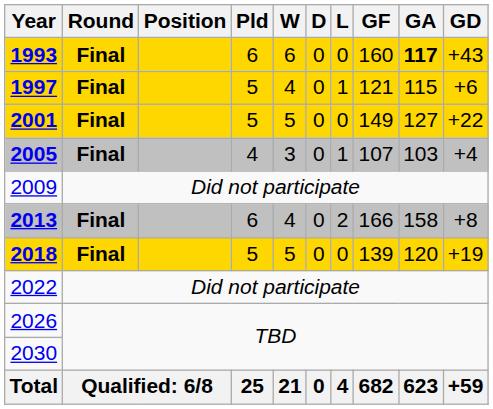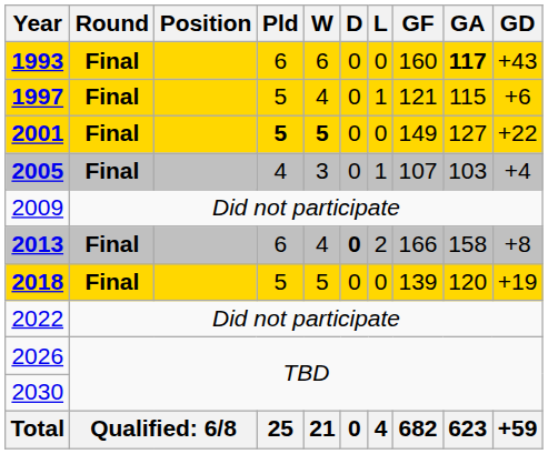 <table class="wikitable" style="text-align: center;">
 <tr>
 <th>Year</th>
 <th>Round</th>
 <th>Position</th>
 <th>Pld</th>
 <th>W</th>
 <th>D</th>
 <th>L</th>
 <th>GF</th>
 <th>GA</th>
 <th>GD</th>
 </tr>
 <tr style="background:gold;">
 <td> <strong><a href='#'>1993</a></strong></td>
 <td><strong>Final</strong></td>
 <td></td>
 <td>6</td>
 <td>6</td>
 <td>0</td>
 <td>0</td>
 <td>160</td>
 <td><strong>117</strong></td>
 <td>+43</td>
 </tr>
 <tr style="background:gold;">
 <td> <strong><a href='#'>1997</a></strong></td>
 <td><strong>Final</strong></td>
 <td></td>
 <td>5</td>
 <td>4</td>
 <td>0</td>
 <td>1</td>
 <td>121</td>
 <td>115</td>
 <td>+6</td>
 </tr>
 <tr style="background:gold;">
 <td> <strong><a href='#'>2001</a></strong></td>
 <td><strong>Final</strong></td>
 <td></td>
-<td>5</td>
-<td>5</td>
+<td><strong>5</strong></td>
+<td><strong>5</strong></td>
 <td>0</td>
 <td>0</td>
 <td>149</td>
 <td>127</td>
 <td>+22</td>
 </tr>
 <tr style="background:silver;">
 <td> <strong><a href='#'>2005</a></strong></td>
 <td><strong>Final</strong></td>
 <td></td>
 <td>4</td>
 <td>3</td>
 <td>0</td>
 <td>1</td>
 <td>107</td>
 <td>103</td>
 <td>+4</td>
 </tr>
 <tr>
 <td> <a href='#'>2009</a></td>
 <td colspan="9"><em>Did not participate</em></td>
 </tr>
 <tr style="background:silver;">
 <td> <strong><a href='#'>2013</a></strong></td>
 <td><strong>Final</strong></td>
 <td></td>
 <td>6</td>
 <td>4</td>
-<td>0</td>
+<td><strong>0</strong></td>
 <td>2</td>
 <td>166</td>
 <td>158</td>
 <td>+8</td>
 </tr>
 <tr style="background:gold;">
 <td> <strong><a href='#'>2018</a></strong></td>
 <td><strong>Final</strong></td>
 <td></td>
 <td>5</td>
 <td>5</td>
 <td>0</td>
 <td>0</td>
 <td>139</td>
 <td>120</td>
 <td>+19</td>
 </tr>
 <tr>
 <td> <a href='#'>2022</a></td>
 <td colspan="9"><em>Did not participate</em></td>
 </tr>
 <tr>
 <td> <a href='#'>2026</a></td>
 <td colspan="9" rowspan=2><em>TBD</em></td>
 </tr>
 <tr>
 <td> <a href='#'>2030</a></td>
 </tr>
 <tr>
 <th>Total</th>
 <th colspan="2">Qualified: 6/8</th>
 <th>25</th>
 <th>21</th>
 <th>0</th>
 <th>4</th>
 <th>682</th>
 <th>623</th>
 <th>+59</th>
 </tr>
 </table>
